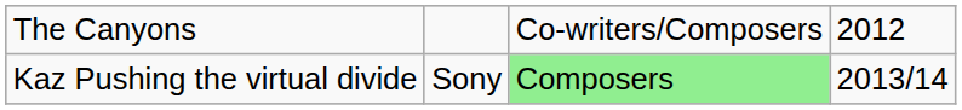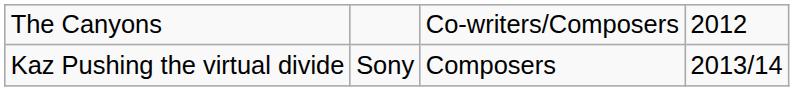 <table class="wikitable">
 <tr>
 <td>The Canyons</td>
 <td></td>
 <td>Co-writers/Composers</td>
 <td>2012</td>
 </tr>
 <tr>
 <td>Kaz Pushing the virtual divide</td>
 <td>Sony</td>
-<td style="background: lightgreen;">Composers</td>
+<td>Composers</td>
 <td>2013/14</td>
 </tr>
 </table>
